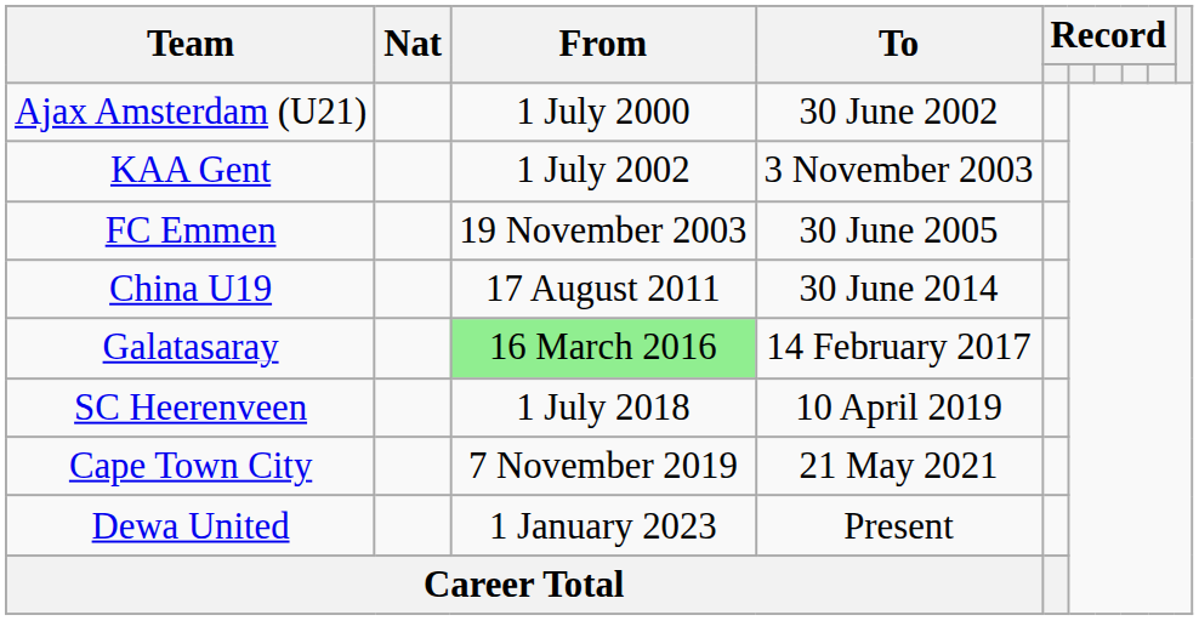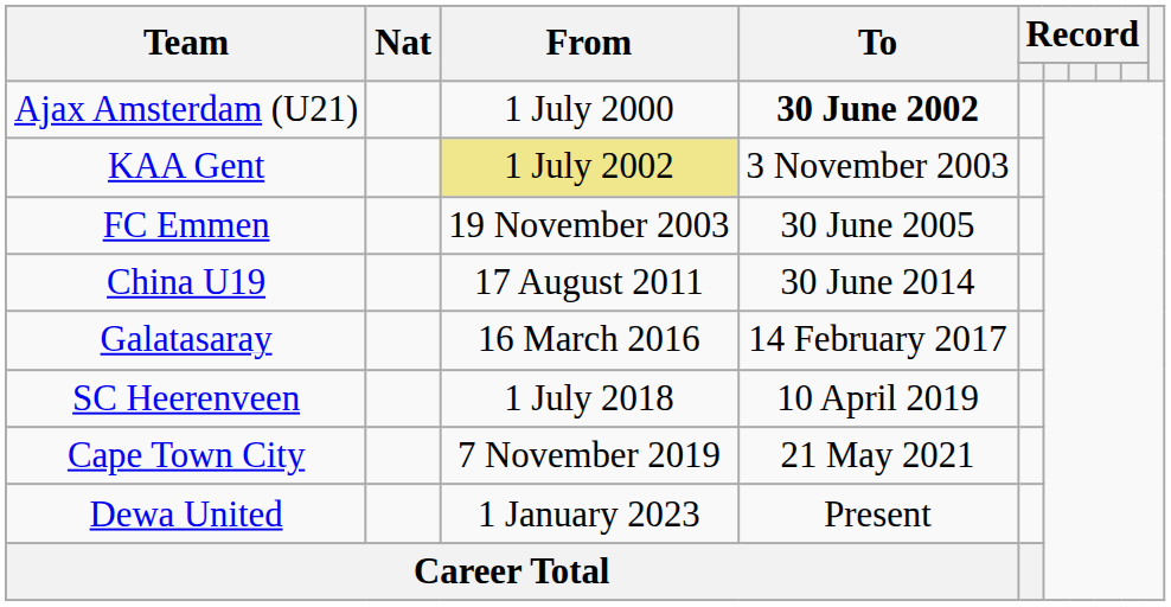 <table class="wikitable" style="text-align:center">
 <tr>
 <th rowspan="2">Team</th>
 <th rowspan="2">Nat</th>
 <th rowspan="2">From</th>
 <th rowspan="2">To</th>
 <th colspan="5">Record</th>
 <th rowspan="2"></th>
 </tr>
 <tr>
 <th></th>
 <th></th>
 <th></th>
 <th></th>
 <th></th>
 </tr>
 <tr>
 <td><a href='#'>Ajax Amsterdam</a> (U21)</td>
 <td></td>
 <td>1 July 2000</td>
-<td>30 June 2002<br></td>
+<td><strong>30 June 2002<br></strong></td>
 <td></td>
 </tr>
 <tr>
 <td><a href='#'>KAA Gent</a></td>
 <td></td>
-<td>1 July 2002</td>
+<td style="background: khaki;">1 July 2002</td>
 <td>3 November 2003<br></td>
 <td></td>
 </tr>
 <tr>
 <td><a href='#'>FC Emmen</a></td>
 <td></td>
 <td>19 November 2003</td>
 <td>30 June 2005<br></td>
 <td></td>
 </tr>
 <tr>
 <td><a href='#'>China U19</a></td>
 <td></td>
 <td>17 August 2011</td>
 <td>30 June 2014<br></td>
 <td></td>
 </tr>
 <tr>
 <td><a href='#'>Galatasaray</a></td>
 <td></td>
-<td style="background: lightgreen;">16 March 2016</td>
+<td>16 March 2016</td>
 <td>14 February 2017<br></td>
 <td></td>
 </tr>
 <tr>
 <td><a href='#'>SC Heerenveen</a></td>
 <td></td>
 <td>1 July 2018</td>
 <td>10 April 2019<br></td>
 <td></td>
 </tr>
 <tr>
 <td><a href='#'>Cape Town City</a></td>
 <td></td>
 <td>7 November 2019</td>
 <td>21 May 2021<br></td>
 <td></td>
 </tr>
 <tr>
 <td><a href='#'>Dewa United</a></td>
 <td></td>
 <td>1 January 2023</td>
 <td>Present<br></td>
 <td></td>
 </tr>
 <tr>
 <th colspan="4">Career Total<br></th>
 <th></th>
 </tr>
 </table>
